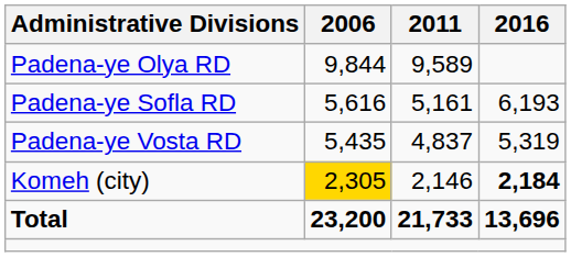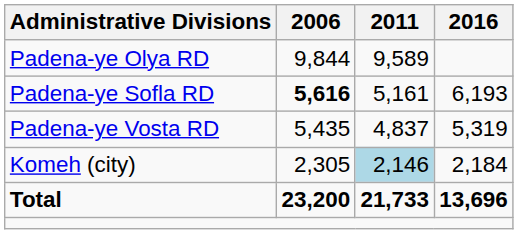 <table class="wikitable">
 <tr>
 <th>Administrative Divisions</th>
 <th>2006</th>
 <th>2011</th>
 <th>2016</th>
 </tr>
 <tr>
 <td><a href='#'>Padena-ye Olya RD</a></td>
 <td style="text-align: right;">9,844</td>
 <td style="text-align: right;">9,589</td>
 <td style="text-align: right;"></td>
 </tr>
 <tr>
 <td><a href='#'>Padena-ye Sofla RD</a></td>
-<td style="text-align: right;">5,616</td>
+<td style="text-align: right;"><strong>5,616</strong></td>
 <td style="text-align: right;">5,161</td>
 <td style="text-align: right;">6,193</td>
 </tr>
 <tr>
 <td><a href='#'>Padena-ye Vosta RD</a></td>
 <td style="text-align: right;">5,435</td>
 <td style="text-align: right;">4,837</td>
 <td style="text-align: right;">5,319</td>
 </tr>
 <tr>
 <td><a href='#'>Komeh</a> (city)</td>
-<td style="background: gold; text-align: right;">2,305</td>
-<td style="text-align: right;">2,146</td>
-<td style="text-align: right;"><strong>2,184</strong></td>
+<td style="text-align: right;">2,305</td>
+<td style="background: lightblue; text-align: right;">2,146</td>
+<td style="text-align: right;">2,184</td>
 </tr>
 <tr>
 <td><strong>Total</strong></td>
 <td style="text-align: right;"><strong>23,200</strong></td>
 <td style="text-align: right;"><strong>21,733</strong></td>
 <td style="text-align: right;"><strong>13,696</strong></td>
 </tr>
 <tr>
 <td colspan=4></td>
 </tr>
 </table>
